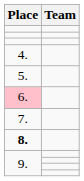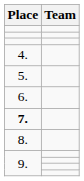 <table class="wikitable">
 <tr>
 <th>Place</th>
 <th style="text-align: left;">Team</th>
 </tr>
 <tr>
 <td align="center"></td>
 <td></td>
 </tr>
 <tr>
 <td align="center"></td>
 <td></td>
 </tr>
 <tr>
 <td align="center"></td>
 <td></td>
 </tr>
 <tr>
 <td align="center">4.</td>
 <td></td>
 </tr>
 <tr>
 <td align="center">5.</td>
 <td></td>
 </tr>
 <tr>
-<td align="center" style="background: pink;">6.</td>
+<td align="center">6.</td>
 <td></td>
 </tr>
 <tr>
-<td align="center">7.</td>
+<td align="center"><strong>7.</strong></td>
 <td></td>
 </tr>
 <tr>
-<td align="center"><strong>8.</strong></td>
+<td align="center">8.</td>
 <td></td>
 </tr>
 <tr>
 <td rowspan=4 align="center">9.</td>
 <td></td>
 </tr>
 <tr>
 <td></td>
 </tr>
 <tr>
 <td></td>
 </tr>
 <tr>
 <td></td>
 </tr>
 </table>
